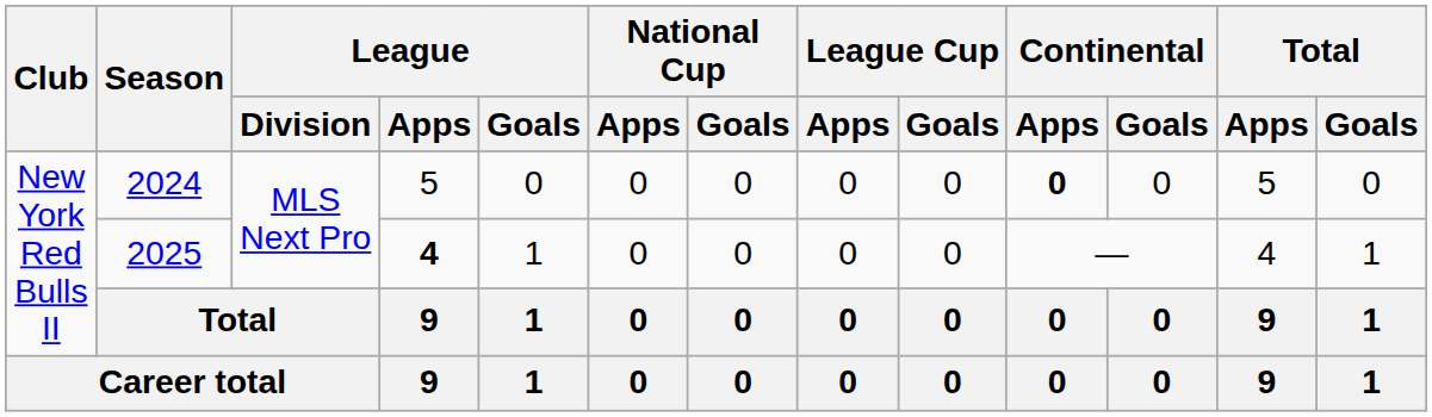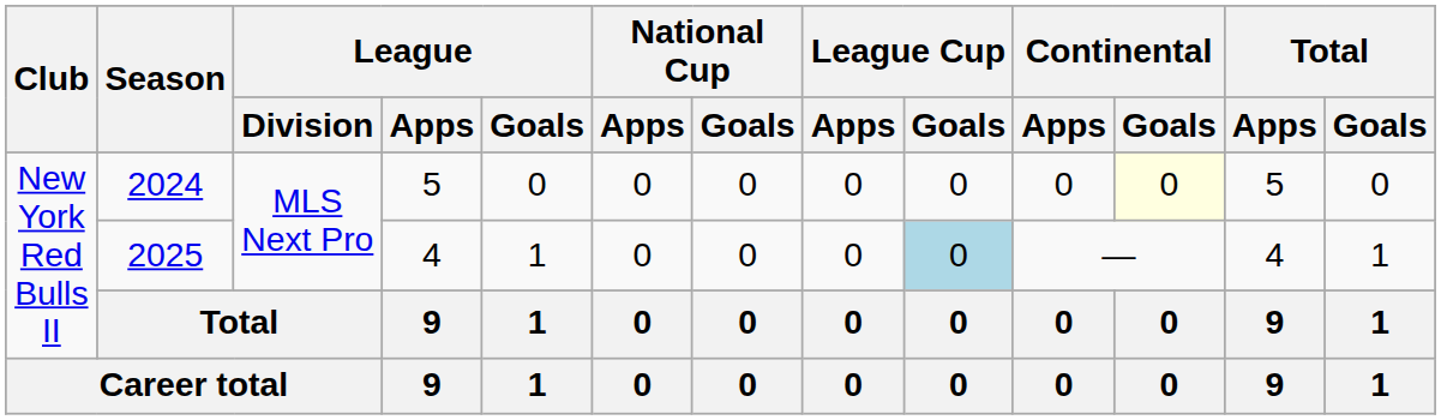 <table class="wikitable" style="text-align:center">
 <tr>
 <th rowspan="2">Club</th>
 <th rowspan="2">Season</th>
 <th colspan="3">League</th>
 <th colspan="2">National Cup </th>
 <th colspan="2">League Cup</th>
 <th colspan="2">Continental</th>
 <th colspan="2">Total</th>
 </tr>
 <tr>
 <th>Division</th>
 <th>Apps</th>
 <th>Goals</th>
 <th>Apps</th>
 <th>Goals</th>
 <th>Apps</th>
 <th>Goals</th>
 <th>Apps</th>
 <th>Goals</th>
 <th>Apps</th>
 <th>Goals</th>
 </tr>
 <tr>
 <td rowspan="3"><a href='#'>New York Red Bulls II</a></td>
 <td><a href='#'>2024</a></td>
 <td rowspan="2"><a href='#'>MLS Next Pro</a></td>
 <td>5</td>
 <td>0</td>
 <td>0</td>
 <td>0</td>
 <td>0</td>
 <td>0</td>
-<td><strong>0</strong></td>
 <td>0</td>
+<td style="background: lightyellow;">0</td>
 <td>5</td>
 <td>0</td>
 </tr>
 <tr>
 <td><a href='#'>2025</a></td>
-<td><strong>4</strong></td>
+<td>4</td>
 <td>1</td>
 <td>0</td>
 <td>0</td>
 <td>0</td>
-<td>0</td>
+<td style="background: lightblue;">0</td>
 <td colspan="2">—</td>
 <td>4</td>
 <td>1</td>
 </tr>
 <tr>
 <th colspan="2">Total</th>
 <th>9</th>
 <th>1</th>
 <th>0</th>
 <th>0</th>
 <th>0</th>
 <th>0</th>
 <th>0</th>
 <th>0</th>
 <th>9</th>
 <th>1</th>
 </tr>
 <tr>
 <th colspan="3">Career total</th>
 <th>9</th>
 <th>1</th>
 <th>0</th>
 <th>0</th>
 <th>0</th>
 <th>0</th>
 <th>0</th>
 <th>0</th>
 <th>9</th>
 <th>1</th>
 </tr>
 </table>
